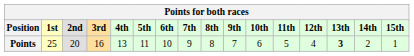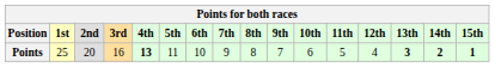 <table class="wikitable" style="font-size:85%; text-align:center">
 <tr>
 <th colspan="16">Points for both races</th>
 </tr>
 <tr>
 <th>Position</th>
 <td style="background:#ffffbf;"> <strong>1st</strong> </td>
 <td style="background:#dfdfdf;"> <strong>2nd</strong> </td>
 <td style="background:#ffdf9f;"> <strong>3rd</strong> </td>
 <td style="background:#dfffdf;"> <strong>4th</strong> </td>
 <td style="background:#dfffdf;"> <strong>5th</strong> </td>
 <td style="background:#dfffdf;"> <strong>6th</strong> </td>
 <td style="background:#dfffdf;"> <strong>7th</strong> </td>
 <td style="background:#dfffdf;"> <strong>8th</strong> </td>
 <td style="background:#dfffdf;"> <strong>9th</strong> </td>
 <td style="background:#dfffdf;"> <strong>10th</strong> </td>
 <td style="background:#dfffdf;"> <strong>11th</strong> </td>
 <td style="background:#dfffdf;"> <strong>12th</strong> </td>
 <td style="background:#dfffdf;"> <strong>13th</strong> </td>
 <td style="background:#dfffdf;"> <strong>14th</strong> </td>
 <td style="background:#dfffdf;"> <strong>15th</strong> </td>
 </tr>
 <tr>
 <th>Points</th>
 <td style="background:#ffffbf;">25</td>
 <td style="background:#dfdfdf;">20</td>
 <td style="background:#ffdf9f;">16</td>
-<td style="background:#dfffdf;">13</td>
+<td style="background:#dfffdf;"><strong>13</strong></td>
 <td style="background:#dfffdf;">11</td>
 <td style="background:#dfffdf;">10</td>
 <td style="background:#dfffdf;">9</td>
 <td style="background:#dfffdf;">8</td>
 <td style="background:#dfffdf;">7</td>
 <td style="background:#dfffdf;">6</td>
 <td style="background:#dfffdf;">5</td>
 <td style="background:#dfffdf;">4</td>
 <td style="background:#dfffdf;"><strong>3</strong></td>
-<td style="background:#dfffdf;">2</td>
-<td style="background:#dfffdf;">1</td>
+<td style="background:#dfffdf;"><strong>2</strong></td>
+<td style="background:#dfffdf;"><strong>1</strong></td>
 </tr>
 </table>
